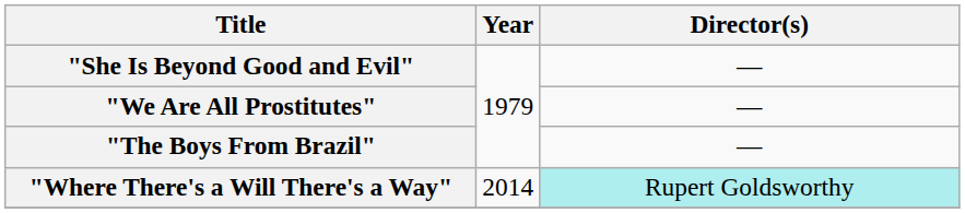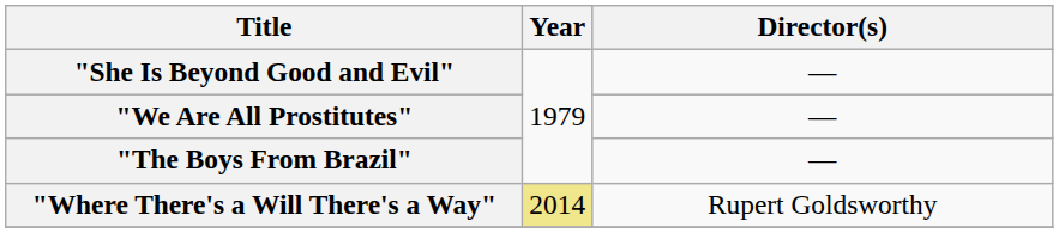 <table class="wikitable plainrowheaders" style="text-align:center;">
 <tr>
 <th scope="col" style="width:18em;">Title</th>
 <th scope="col">Year</th>
 <th scope="col" style="width:16em;">Director(s)</th>
 </tr>
 <tr>
 <th scope="row">"She Is Beyond Good and Evil"</th>
 <td rowspan="3">1979</td>
 <td>—</td>
 </tr>
 <tr>
 <th scope="row">"We Are All Prostitutes"</th>
 <td>—</td>
 </tr>
 <tr>
 <th scope="row">"The Boys From Brazil"</th>
 <td>—</td>
 </tr>
 <tr>
 <th scope="row">"Where There's a Will There's a Way"</th>
-<td>2014</td>
-<td style="background: paleturquoise;">Rupert Goldsworthy</td>
+<td style="background: khaki;">2014</td>
+<td>Rupert Goldsworthy</td>
 </tr>
 <tr>
 </tr>
 </table>
